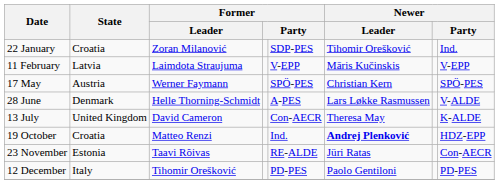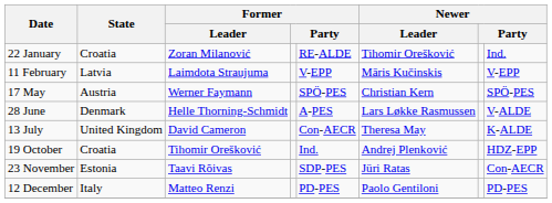 <table class="wikitable">
 <tr>
 <th rowspan=2>Date</th>
 <th rowspan=2>State</th>
 <th colspan=3>Former</th>
 <th colspan=3>Newer</th>
 </tr>
 <tr>
 <th>Leader</th>
 <th colspan=2>Party</th>
 <th>Leader</th>
 <th colspan=2>Party</th>
 </tr>
 <tr>
 <td>22 January</td>
 <td>Croatia</td>
 <td><a href='#'>Zoran Milanović</a></td>
 <td style="background-color:"></td>
-<td><a href='#'>SDP</a>-<a href='#'>PES</a></td>
+<td><a href='#'>RE</a>-<a href='#'>ALDE</a></td>
 <td><a href='#'>Tihomir Orešković</a></td>
 <td style="background-color:"></td>
 <td><a href='#'>Ind.</a></td>
 </tr>
 <tr>
 <td>11 February</td>
 <td>Latvia</td>
 <td><a href='#'>Laimdota Straujuma</a></td>
 <td style="background-color:"></td>
 <td><a href='#'>V</a>-<a href='#'>EPP</a></td>
 <td><a href='#'>Māris Kučinskis</a></td>
 <td style="background-color:"></td>
 <td><a href='#'>V</a>-<a href='#'>EPP</a></td>
 </tr>
 <tr>
 <td>17 May</td>
 <td>Austria</td>
 <td><a href='#'>Werner Faymann</a></td>
 <td style="background-color:"></td>
 <td><a href='#'>SPÖ</a>-<a href='#'>PES</a></td>
 <td><a href='#'>Christian Kern</a></td>
 <td style="background-color:"></td>
 <td><a href='#'>SPÖ</a>-<a href='#'>PES</a></td>
 </tr>
 <tr>
 <td>28 June</td>
 <td>Denmark</td>
 <td><a href='#'>Helle Thorning-Schmidt</a></td>
 <td style="background-color:"></td>
 <td><a href='#'>A</a>-<a href='#'>PES</a></td>
 <td><a href='#'>Lars Løkke Rasmussen</a></td>
 <td style="background-color:"></td>
 <td><a href='#'>V</a>-<a href='#'>ALDE</a></td>
 </tr>
 <tr>
 <td>13 July</td>
 <td>United Kingdom</td>
 <td><a href='#'>David Cameron</a></td>
 <td style="background-color:"></td>
 <td><a href='#'>Con</a>-<a href='#'>AECR</a></td>
 <td><a href='#'>Theresa May</a></td>
 <td style="background-color:"></td>
 <td><a href='#'>K</a>-<a href='#'>ALDE</a></td>
 </tr>
 <tr>
 <td>19 October</td>
 <td>Croatia</td>
-<td><a href='#'>Matteo Renzi</a></td>
+<td><a href='#'>Tihomir Orešković</a></td>
 <td style="background-color:"></td>
 <td><a href='#'>Ind.</a></td>
-<td><strong><a href='#'>Andrej Plenković</a></strong></td>
+<td><a href='#'>Andrej Plenković</a></td>
 <td style="background-color:"></td>
 <td><a href='#'>HDZ</a>-<a href='#'>EPP</a></td>
 </tr>
 <tr>
 <td>23 November</td>
 <td>Estonia</td>
 <td><a href='#'>Taavi Rõivas</a></td>
 <td style="background-color:"></td>
-<td><a href='#'>RE</a>-<a href='#'>ALDE</a></td>
+<td><a href='#'>SDP</a>-<a href='#'>PES</a></td>
 <td><a href='#'>Jüri Ratas</a></td>
 <td style="background-color:"></td>
 <td><a href='#'>Con</a>-<a href='#'>AECR</a></td>
 </tr>
 <tr>
 <td>12 December</td>
 <td>Italy</td>
-<td><a href='#'>Tihomir Orešković</a></td>
+<td><a href='#'>Matteo Renzi</a></td>
 <td style="background-color:"></td>
 <td><a href='#'>PD</a>-<a href='#'>PES</a></td>
 <td><a href='#'>Paolo Gentiloni</a></td>
 <td style="background-color:"></td>
 <td><a href='#'>PD</a>-<a href='#'>PES</a></td>
 </tr>
 <tr>
 </tr>
 </table>
